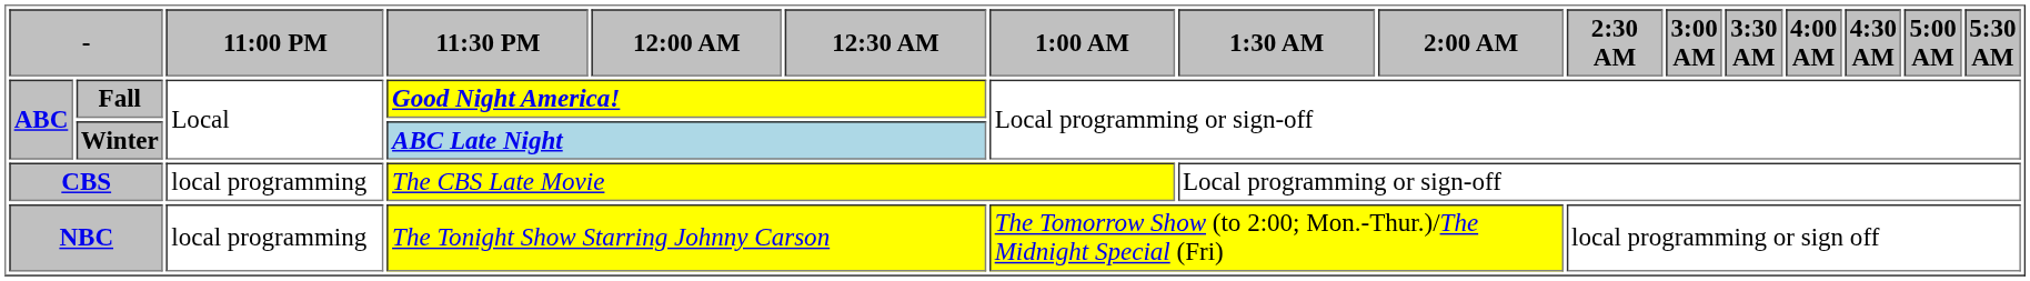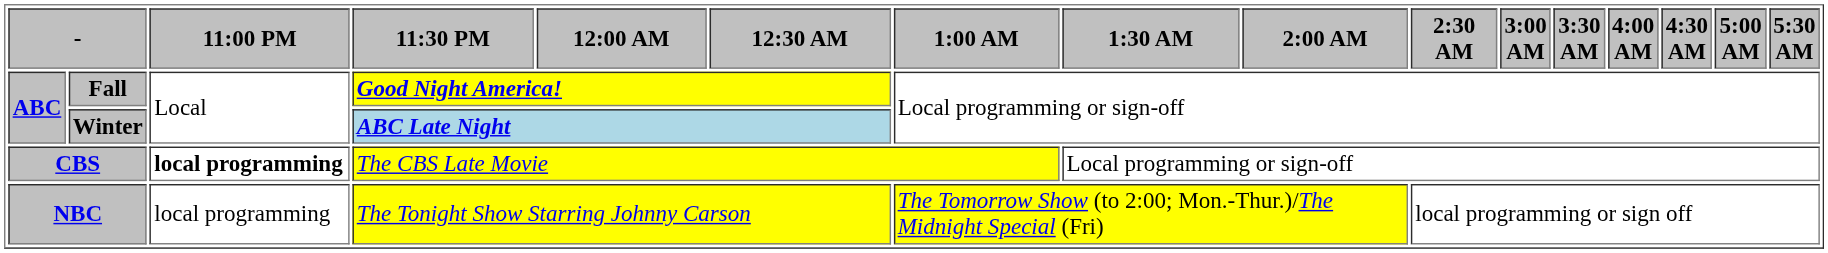 <table border="1" cellpadding="2">
 <tr>
 <th bgcolor="#C0C0C0" colspan=2>-</th>
 <th width="13%" bgcolor="#C0C0C0">11:00 PM</th>
 <th width="14%" bgcolor="#C0C0C0">11:30 PM</th>
 <th width="13%" bgcolor="#C0C0C0">12:00 AM</th>
 <th width="14%" bgcolor="#C0C0C0">12:30 AM</th>
 <th width="13%" bgcolor="#C0C0C0">1:00 AM</th>
 <th width="14%" bgcolor="#C0C0C0">1:30 AM</th>
 <th width="13%" bgcolor="#C0C0C0">2:00 AM</th>
 <th width="14%" bgcolor="#C0C0C0">2:30 AM</th>
 <th width="13%" bgcolor="#C0C0C0">3:00 AM</th>
 <th width="14%" bgcolor="#C0C0C0">3:30 AM</th>
 <th width="13%" bgcolor="#C0C0C0">4:00 AM</th>
 <th width="14%" bgcolor="#C0C0C0">4:30 AM</th>
 <th width="13%" bgcolor="#C0C0C0">5:00 AM</th>
 <th width="14%" bgcolor="#C0C0C0">5:30 AM</th>
 </tr>
 <tr>
 <th bgcolor="#C0C0C0" rowspan=2><a href='#'>ABC</a></th>
 <th bgcolor=#C0C0C0>Fall</th>
 <td bgcolor="white" rowspan=2>Local</td>
 <td bgcolor="yellow" colspan="3"><strong><em><a href='#'>Good Night America!</a></em></strong></td>
 <td bgcolor="white" colspan="10" rowspan=2>Local programming or sign-off</td>
 </tr>
 <tr>
 <th bgcolor=#C0C0C0>Winter</th>
 <td bgcolor="lightblue" colspan="3"><strong><em><a href='#'>ABC Late Night</a></em></strong></td>
 </tr>
 <tr>
 <th bgcolor="#C0C0C0" colspan=2><a href='#'>CBS</a></th>
-<td bgcolor="white">local programming</td>
+<td bgcolor="white"><strong>local programming</strong></td>
 <td bgcolor="yellow" colspan="4"><em><a href='#'>The CBS Late Movie</a></em></td>
 <td bgcolor="white" colspan="10">Local programming or sign-off</td>
 </tr>
 <tr>
 <th bgcolor="#C0C0C0" colspan=2><a href='#'>NBC</a></th>
 <td bgcolor="white" rowspan=2>local programming</td>
 <td bgcolor="yellow" colspan="3"><em><a href='#'>The Tonight Show Starring Johnny Carson</a></em></td>
 <td bgcolor="yellow" colspan="3"><em><a href='#'>The Tomorrow Show</a></em> (to 2:00; Mon.-Thur.)/<a href='#'><em>The Midnight Special</em></a> (Fri)</td>
 <td bgcolor="white" colspan="7">local programming or sign off</td>
 </tr>
 </table>
